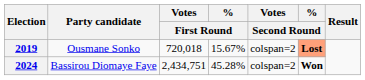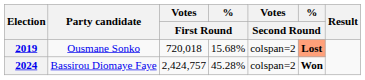 <table class="wikitable" style="text-align:center">
 <tr>
 <th rowspan="2">Election</th>
 <th rowspan="2">Party candidate</th>
 <th><strong>Votes</strong></th>
 <th><strong>%</strong></th>
 <th><strong>Votes</strong></th>
 <th><strong>%</strong></th>
 <th rowspan="2">Result</th>
 </tr>
 <tr>
 <th colspan="2">First Round</th>
 <th colspan="2">Second Round</th>
 </tr>
 <tr>
 <th><a href='#'>2019</a></th>
 <td><a href='#'>Ousmane Sonko</a></td>
 <td>720,018</td>
-<td>15.67%</td>
+<td>15.68%</td>
 <td>colspan=2 </td>
 <td style="background: lightsalmon;"><strong>Lost</strong> </td>
 </tr>
 <tr>
 <th><a href='#'>2024</a></th>
 <td><a href='#'>Bassirou Diomaye Faye</a></td>
-<td>2,434,751</td>
+<td>2,424,757</td>
 <td>45.28%</td>
 <td>colspan=2 </td>
 <td><strong>Won</strong> </td>
 </tr>
 </table>
